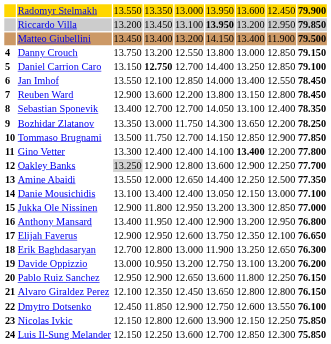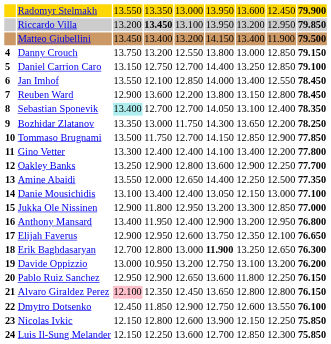 <table>
 <tr style="background:#FFD700;">
 <td></td>
 <td align="left"> <a href='#'>Radomyr Stelmakh</a></td>
 <td>13.550</td>
 <td>13.350</td>
 <td>13.000</td>
 <td>13.950</td>
 <td>13.600</td>
 <td>12.450</td>
 <td><strong>79.900</strong></td>
 </tr>
 <tr style="background:#CCCCCC;">
 <td></td>
 <td align="left"> <a href='#'>Riccardo Villa</a></td>
 <td>13.200</td>
-<td>13.450</td>
+<td><strong>13.450</strong></td>
 <td>13.100</td>
-<td><strong>13.950</strong></td>
+<td>13.950</td>
 <td>13.200</td>
 <td>12.950</td>
 <td><strong>79.850</strong></td>
 </tr>
 <tr style="background:#CC9966;">
 <td></td>
 <td align="left"> <a href='#'>Matteo Giubellini</a></td>
 <td>13.450</td>
 <td>13.400</td>
 <td>13.200</td>
 <td>14.150</td>
 <td>13.400</td>
 <td>11.900</td>
 <td><strong>79.500</strong></td>
 </tr>
 <tr>
 <td><strong>4</strong></td>
 <td align="left"> <a href='#'>Danny Crouch</a></td>
 <td>13.750</td>
 <td>13.200</td>
 <td>12.550</td>
 <td>13.800</td>
 <td>13.000</td>
 <td>12.850</td>
 <td><strong>79.150</strong></td>
 </tr>
 <tr>
 <td><strong>5</strong></td>
 <td align="left"> <a href='#'>Daniel Carrion Caro</a></td>
 <td>13.150</td>
-<td><strong>12.750</strong></td>
+<td>12.750</td>
 <td>12.700</td>
 <td>14.400</td>
 <td>13.250</td>
 <td>12.850</td>
 <td><strong>79.100</strong></td>
 </tr>
 <tr>
 <td><strong>6</strong></td>
 <td align="left"> <a href='#'>Jan Imhof</a></td>
 <td>13.550</td>
 <td>12.100</td>
 <td>12.850</td>
 <td>14.000</td>
 <td>13.400</td>
 <td>12.550</td>
 <td><strong>78.450</strong></td>
 </tr>
 <tr>
 <td><strong>7</strong></td>
 <td align="left"> <a href='#'>Reuben Ward</a></td>
 <td>12.900</td>
 <td>13.600</td>
 <td>12.200</td>
 <td>13.800</td>
 <td>13.150</td>
 <td>12.800</td>
 <td><strong>78.450</strong></td>
 </tr>
 <tr>
 <td><strong>8</strong></td>
 <td align="left"> <a href='#'>Sebastian Sponevik</a></td>
-<td>13.400</td>
+<td style="background: paleturquoise;">13.400</td>
 <td>12.700</td>
 <td>12.700</td>
 <td>14.050</td>
 <td>13.100</td>
 <td>12.400</td>
 <td><strong>78.350</strong></td>
 </tr>
 <tr>
 <td><strong>9</strong></td>
 <td align="left"> <a href='#'>Bozhidar Zlatanov</a></td>
 <td>13.350</td>
 <td>13.000</td>
 <td>11.750</td>
 <td>14.300</td>
 <td>13.650</td>
 <td>12.200</td>
 <td><strong>78.250</strong></td>
 </tr>
 <tr>
 <td><strong>10</strong></td>
 <td align="left"> <a href='#'>Tommaso Brugnami</a></td>
 <td>13.500</td>
 <td>11.750</td>
 <td>12.700</td>
 <td>14.150</td>
 <td>12.850</td>
 <td>12.900</td>
 <td><strong>77.850</strong></td>
 </tr>
 <tr>
 <td><strong>11</strong></td>
 <td align="left"> <a href='#'>Gino Vetter</a></td>
 <td>13.300</td>
 <td>12.400</td>
 <td>12.400</td>
 <td>14.100</td>
-<td><strong>13.400</strong></td>
+<td>13.400</td>
 <td>12.200</td>
 <td><strong>77.800</strong></td>
 </tr>
 <tr>
 <td><strong>12</strong></td>
 <td align="left"> <a href='#'>Oakley Banks</a></td>
-<td style="background: lightgrey;">13.250</td>
+<td>13.250</td>
 <td>12.900</td>
 <td>12.800</td>
 <td>13.600</td>
 <td>12.900</td>
 <td>12.250</td>
 <td><strong>77.700</strong></td>
 </tr>
 <tr>
 <td><strong>13</strong></td>
 <td align="left"> <a href='#'>Amine Abaidi</a></td>
 <td>13.550</td>
 <td>12.000</td>
 <td>12.650</td>
 <td>14.400</td>
 <td>12.250</td>
 <td>12.500</td>
 <td><strong>77.350</strong></td>
 </tr>
 <tr>
 <td><strong>14</strong></td>
 <td align="left"> <a href='#'>Danie Mousichidis</a></td>
 <td>13.100</td>
 <td>13.400</td>
 <td>12.400</td>
 <td>13.050</td>
 <td>12.150</td>
 <td>13.000</td>
 <td><strong>77.100</strong></td>
 </tr>
 <tr>
 <td><strong>15</strong></td>
 <td align="left"> <a href='#'>Jukka Ole Nissinen</a></td>
 <td>12.900</td>
 <td>11.800</td>
 <td>12.950</td>
 <td>13.200</td>
 <td>13.300</td>
 <td>12.850</td>
 <td><strong>77.000</strong></td>
 </tr>
 <tr>
 <td><strong>16</strong></td>
 <td align="left"> <a href='#'>Anthony Mansard</a></td>
 <td>13.400</td>
 <td>11.950</td>
 <td>12.400</td>
 <td>12.900</td>
 <td>13.200</td>
 <td>12.950</td>
 <td><strong>76.800</strong></td>
 </tr>
 <tr>
 <td><strong>17</strong></td>
 <td align="left"> <a href='#'>Elijah Faverus</a></td>
 <td>12.900</td>
 <td>12.950</td>
 <td>12.600</td>
 <td>13.750</td>
 <td>12.350</td>
 <td>12.100</td>
 <td><strong>76.650</strong></td>
 </tr>
 <tr>
 <td><strong>18</strong></td>
 <td align="left"> <a href='#'>Erik Baghdasaryan</a></td>
 <td>12.700</td>
 <td>12.800</td>
 <td>13.000</td>
-<td>11.900</td>
+<td><strong>11.900</strong></td>
 <td>13.250</td>
 <td>12.650</td>
 <td><strong>76.300</strong></td>
 </tr>
 <tr>
 <td><strong>19</strong></td>
 <td align="left"> <a href='#'>Davide Oppizzio</a></td>
 <td>13.000</td>
 <td>10.950</td>
 <td>13.200</td>
 <td>12.750</td>
 <td>13.100</td>
 <td>13.200</td>
 <td><strong>76.200</strong></td>
 </tr>
 <tr>
 <td><strong>20</strong></td>
 <td align="left"> <a href='#'>Pablo Ruiz Sanchez</a></td>
 <td>12.950</td>
 <td>12.900</td>
 <td>12.650</td>
 <td>13.600</td>
 <td>11.800</td>
 <td>12.250</td>
 <td><strong>76.150</strong></td>
 </tr>
 <tr>
 <td><strong>21</strong></td>
 <td align="left"> <a href='#'>Alvaro Giraldez Perez</a></td>
-<td>12.100</td>
+<td style="background: pink;">12.100</td>
 <td>12.350</td>
 <td>12.450</td>
 <td>13.650</td>
 <td>12.800</td>
 <td>12.800</td>
 <td><strong>76.150</strong></td>
 </tr>
 <tr>
 <td><strong>22</strong></td>
 <td align="left"> <a href='#'>Dmytro Dotsenko</a></td>
 <td>12.450</td>
 <td>11.850</td>
 <td>12.900</td>
 <td>12.750</td>
 <td>12.600</td>
 <td>13.550</td>
 <td><strong>76.100</strong></td>
 </tr>
 <tr>
 <td><strong>23</strong></td>
 <td align="left"> <a href='#'>Nicolas Ivkic</a></td>
 <td>12.150</td>
 <td>12.800</td>
 <td>12.600</td>
 <td>13.900</td>
 <td>12.150</td>
 <td>12.250</td>
 <td><strong>75.850</strong></td>
 </tr>
 <tr>
 <td><strong>24</strong></td>
 <td align="left"> <a href='#'>Luis Il-Sung Melander</a></td>
 <td>12.150</td>
 <td>12.250</td>
 <td>13.600</td>
 <td>12.700</td>
 <td>12.850</td>
 <td>12.300</td>
 <td><strong>75.850</strong></td>
 </tr>
 </table>
